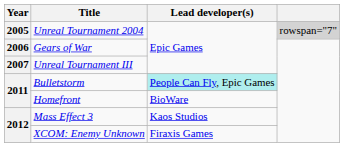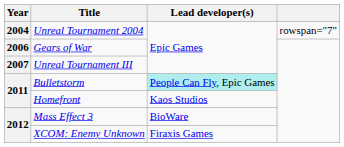 <table class="wikitable sortable plainrowheaders">
 <tr>
 <th scope="col">Year</th>
 <th scope="col">Title</th>
 <th scope="col">Lead developer(s)</th>
 <th scope="col" class="unsortable"></th>
 </tr>
 <tr>
-<th scope="row">2005</th>
+<th scope="row">2004</th>
 <td><em><a href='#'>Unreal Tournament 2004</a></em></td>
 <td rowspan="3"><a href='#'>Epic Games</a></td>
-<td style="background: lightgrey;">rowspan="7" </td>
+<td>rowspan="7" </td>
 </tr>
 <tr>
 <th scope="row">2006</th>
 <td><em><a href='#'>Gears of War</a></em></td>
 </tr>
 <tr>
 <th scope="row">2007</th>
 <td><em><a href='#'>Unreal Tournament III</a></em></td>
 </tr>
 <tr>
 <th scope="row" rowspan="2">2011</th>
 <td><em><a href='#'>Bulletstorm</a></em></td>
 <td style="background: paleturquoise;"><a href='#'>People Can Fly</a>, Epic Games</td>
 </tr>
 <tr>
 <td><em><a href='#'>Homefront</a></em></td>
-<td><a href='#'>BioWare</a></td>
+<td><a href='#'>Kaos Studios</a></td>
 </tr>
 <tr>
 <th scope="row" rowspan="2">2012</th>
 <td><em><a href='#'>Mass Effect 3</a></em></td>
-<td><a href='#'>Kaos Studios</a></td>
+<td><a href='#'>BioWare</a></td>
 </tr>
 <tr>
 <td><em><a href='#'>XCOM: Enemy Unknown</a></em></td>
 <td><a href='#'>Firaxis Games</a></td>
 </tr>
 </table>
